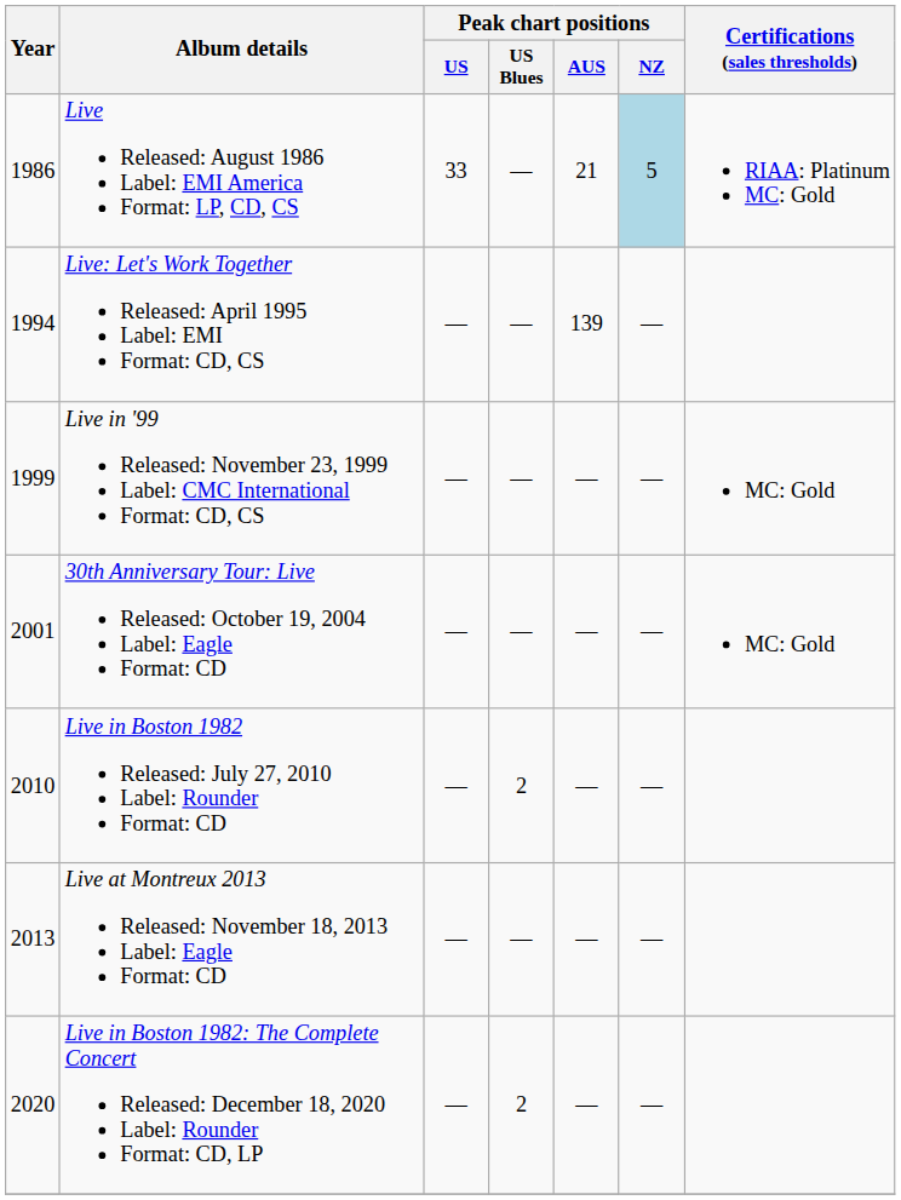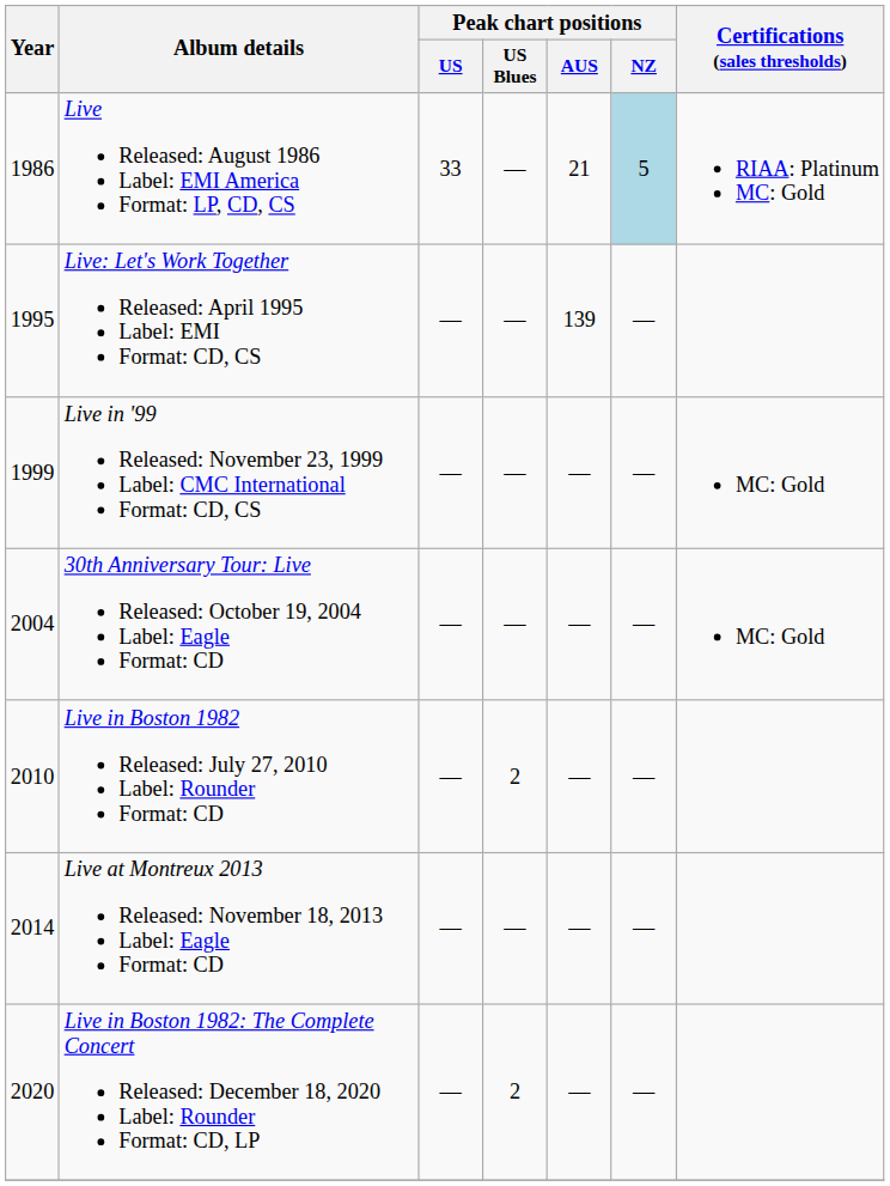 <table class="wikitable">
 <tr>
 <th rowspan="2">Year</th>
 <th rowspan="2" style="width:16em;">Album details</th>
 <th colspan="4">Peak chart positions</th>
 <th rowspan="2"><a href='#'>Certifications</a><br><small>(<a href='#'>sales thresholds</a>)</small></th>
 </tr>
 <tr>
 <th scope="col" style="width:3em;font-size:85%;"><a href='#'>US</a><br></th>
 <th scope="col" style="width:3em;font-size:85%;">US Blues<br></th>
 <th scope="col" style="width:3em;font-size:85%;"><a href='#'>AUS</a><br></th>
 <th scope="col" style="width:3em;font-size:85%;"><a href='#'>NZ</a><br></th>
 </tr>
 <tr>
 <td>1986</td>
 <td><em><a href='#'>Live</a></em><br><ul><li>Released: August 1986</li><li>Label: <a href='#'>EMI America</a></li><li>Format: <a href='#'>LP</a>, <a href='#'>CD</a>, <a href='#'>CS</a></li></ul></td>
 <td style="text-align:center;">33</td>
 <td style="text-align:center;">—</td>
 <td style="text-align:center;">21</td>
 <td style="background: lightblue; text-align:center;">5</td>
 <td><br><ul><li><a href='#'>RIAA</a>: Platinum</li><li><a href='#'>MC</a>: Gold</li></ul></td>
 </tr>
 <tr>
-<td>1994</td>
+<td>1995</td>
 <td><em><a href='#'>Live: Let's Work Together</a></em><br><ul><li>Released: April 1995</li><li>Label: EMI</li><li>Format: CD, CS</li></ul></td>
 <td style="text-align:center;">—</td>
 <td style="text-align:center;">—</td>
 <td style="text-align:center;">139</td>
 <td style="text-align:center;">—</td>
 <td></td>
 </tr>
 <tr>
 <td>1999</td>
 <td><em>Live in '99</em><br><ul><li>Released: November 23, 1999</li><li>Label: <a href='#'>CMC International</a></li><li>Format: CD, CS</li></ul></td>
 <td style="text-align:center;">—</td>
 <td style="text-align:center;">—</td>
 <td style="text-align:center;">—</td>
 <td style="text-align:center;">—</td>
 <td><br><ul><li>MC: Gold</li></ul></td>
 </tr>
 <tr>
-<td>2001</td>
+<td>2004</td>
 <td><em><a href='#'>30th Anniversary Tour: Live</a></em><br><ul><li>Released: October 19, 2004</li><li>Label: <a href='#'>Eagle</a></li><li>Format: CD</li></ul></td>
 <td style="text-align:center;">—</td>
 <td style="text-align:center;">—</td>
 <td style="text-align:center;">—</td>
 <td style="text-align:center;">—</td>
 <td><br><ul><li>MC: Gold</li></ul></td>
 </tr>
 <tr>
 <td>2010</td>
 <td><em><a href='#'>Live in Boston 1982</a></em><br><ul><li>Released: July 27, 2010</li><li>Label: <a href='#'>Rounder</a></li><li>Format: CD</li></ul></td>
 <td style="text-align:center;">—</td>
 <td style="text-align:center;">2</td>
 <td style="text-align:center;">—</td>
 <td style="text-align:center;">—</td>
 <td></td>
 </tr>
 <tr>
-<td>2013</td>
+<td>2014</td>
 <td><em>Live at Montreux 2013</em><br><ul><li>Released: November 18, 2013</li><li>Label: <a href='#'>Eagle</a></li><li>Format: CD</li></ul></td>
 <td style="text-align:center;">—</td>
 <td style="text-align:center;">—</td>
 <td style="text-align:center;">—</td>
 <td style="text-align:center;">—</td>
 <td></td>
 </tr>
 <tr>
 <td>2020</td>
 <td><em><a href='#'>Live in Boston 1982: The Complete Concert</a></em><br><ul><li>Released: December 18, 2020</li><li>Label: <a href='#'>Rounder</a></li><li>Format: CD, LP</li></ul></td>
 <td style="text-align:center;">—</td>
 <td style="text-align:center;">2</td>
 <td style="text-align:center;">—</td>
 <td style="text-align:center;">—</td>
 <td></td>
 </tr>
 <tr | colspan="8"  style="text-align:center; font-size:85%;"| "—" denotes releases that did not chart or were not released in that country.>
 </tr>
 </table>
